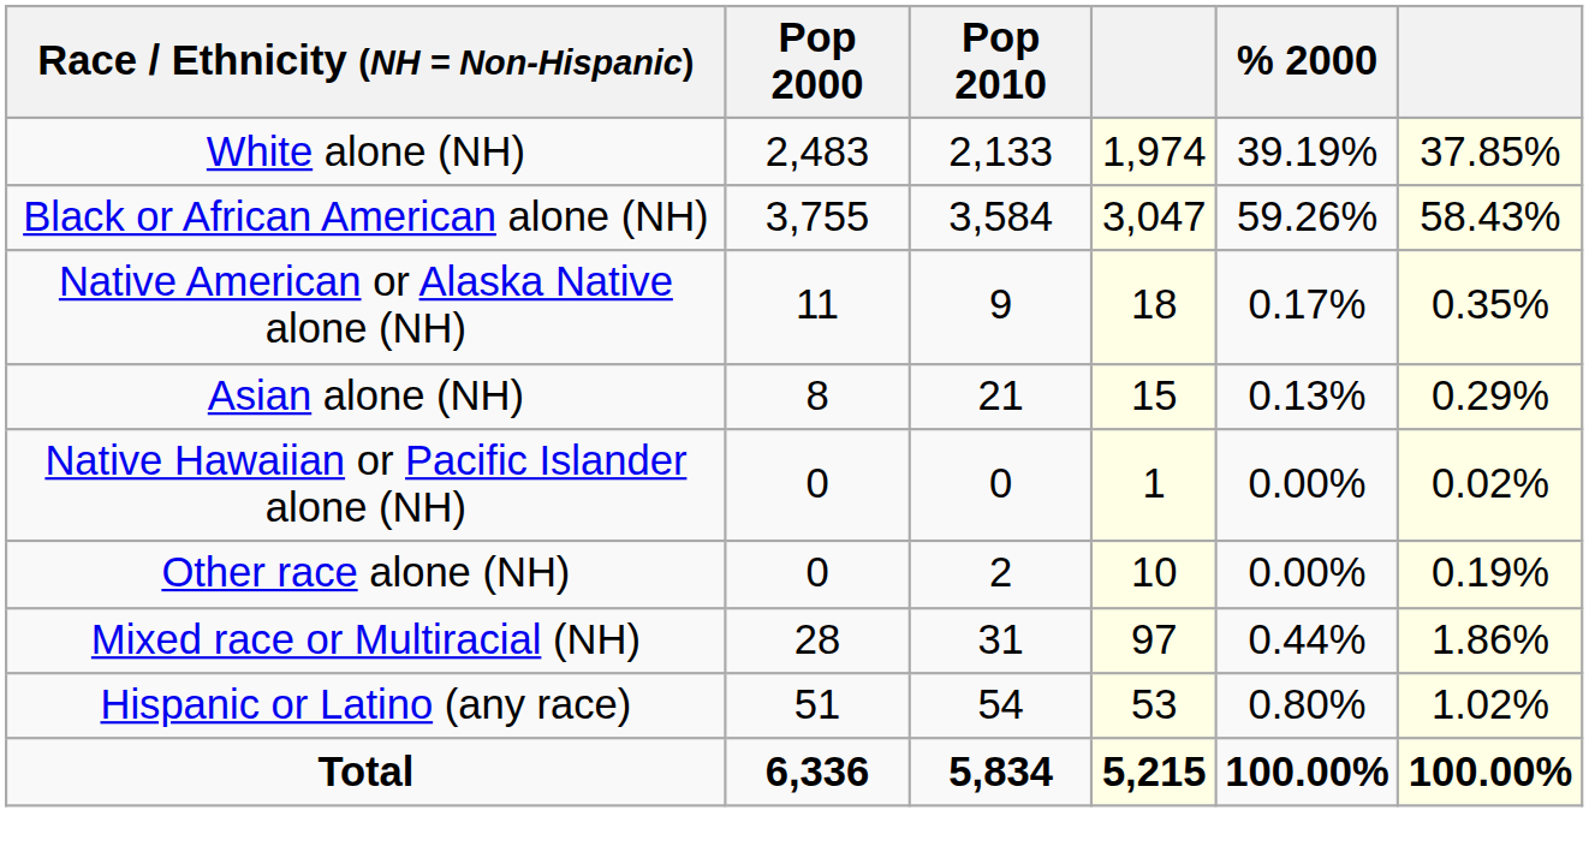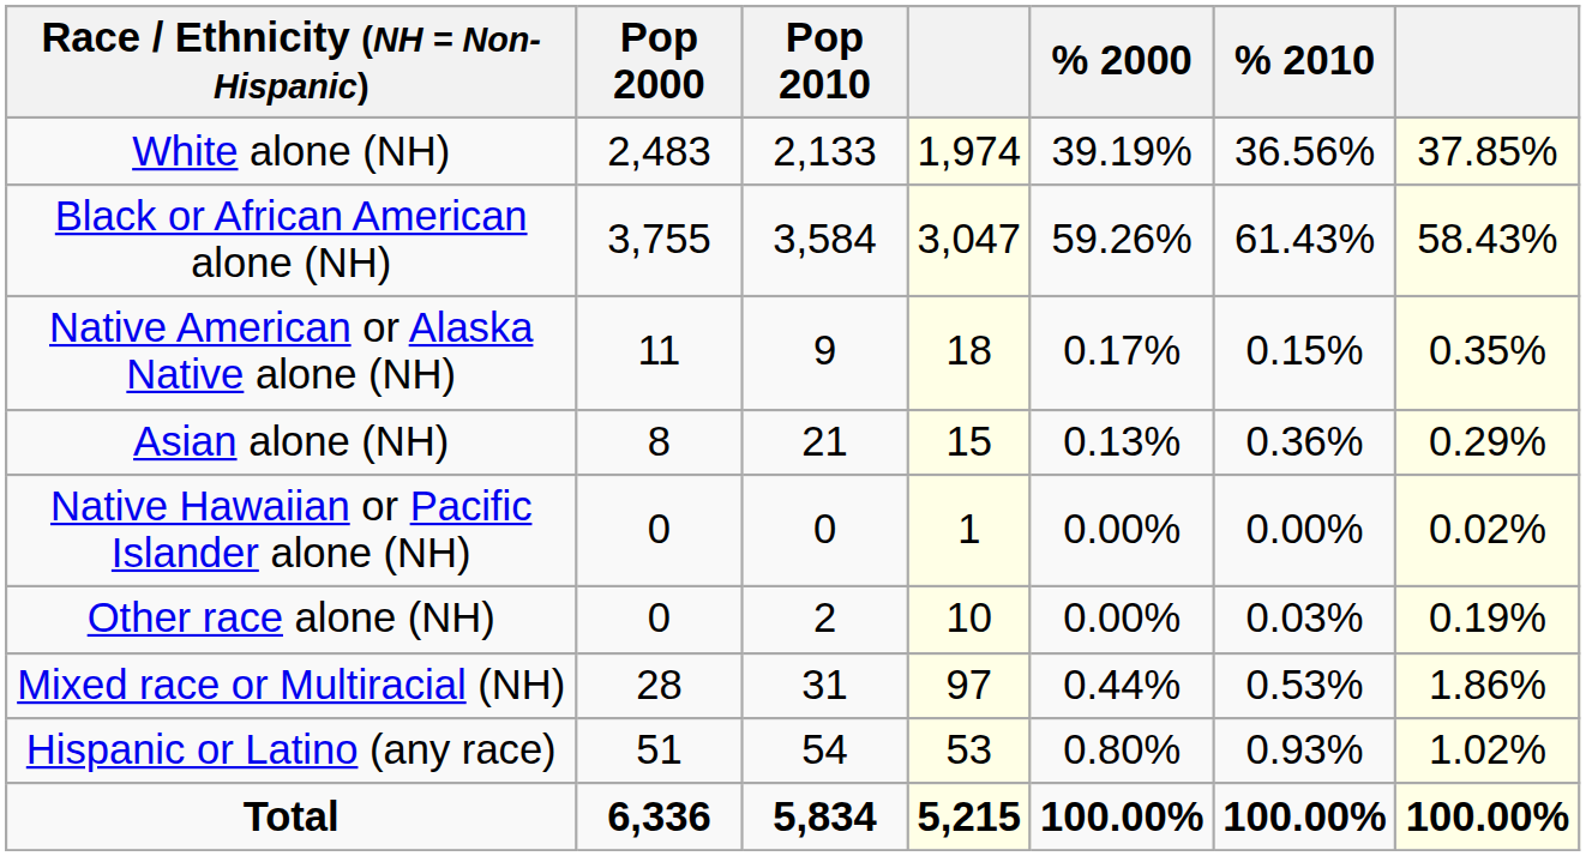 <table class="wikitable" style="text-align:center;">
 <tr>
 <th>Race / Ethnicity <small>(<em>NH = Non-Hispanic</em>)</small></th>
 <th>Pop 2000</th>
 <th>Pop 2010</th>
 <th></th>
 <th>% 2000</th>
+<th>% 2010</th>
 <th></th>
 </tr>
 <tr>
 <td><a href='#'>White</a> alone (NH)</td>
 <td>2,483</td>
 <td>2,133</td>
 <td style='background: #ffffe6;'>1,974</td>
 <td>39.19%</td>
+<td>36.56%</td>
 <td style='background: #ffffe6;'>37.85%</td>
 </tr>
 <tr>
 <td><a href='#'>Black or African American</a> alone (NH)</td>
 <td>3,755</td>
 <td>3,584</td>
 <td style='background: #ffffe6;'>3,047</td>
 <td>59.26%</td>
+<td>61.43%</td>
 <td style='background: #ffffe6;'>58.43%</td>
 </tr>
 <tr>
 <td><a href='#'>Native American</a> or <a href='#'>Alaska Native</a> alone (NH)</td>
 <td>11</td>
 <td>9</td>
 <td style='background: #ffffe6;'>18</td>
 <td>0.17%</td>
+<td>0.15%</td>
 <td style='background: #ffffe6;'>0.35%</td>
 </tr>
 <tr>
 <td><a href='#'>Asian</a> alone (NH)</td>
 <td>8</td>
 <td>21</td>
 <td style='background: #ffffe6;'>15</td>
 <td>0.13%</td>
+<td>0.36%</td>
 <td style='background: #ffffe6;'>0.29%</td>
 </tr>
 <tr>
 <td><a href='#'>Native Hawaiian</a> or <a href='#'>Pacific Islander</a> alone (NH)</td>
 <td>0</td>
 <td>0</td>
 <td style='background: #ffffe6;'>1</td>
+<td>0.00%</td>
 <td>0.00%</td>
 <td style='background: #ffffe6;'>0.02%</td>
 </tr>
 <tr>
 <td><a href='#'>Other race</a> alone (NH)</td>
 <td>0</td>
 <td>2</td>
 <td style='background: #ffffe6;'>10</td>
 <td>0.00%</td>
+<td>0.03%</td>
 <td style='background: #ffffe6;'>0.19%</td>
 </tr>
 <tr>
 <td><a href='#'>Mixed race or Multiracial</a> (NH)</td>
 <td>28</td>
 <td>31</td>
 <td style='background: #ffffe6;'>97</td>
 <td>0.44%</td>
+<td>0.53%</td>
 <td style='background: #ffffe6;'>1.86%</td>
 </tr>
 <tr>
 <td><a href='#'>Hispanic or Latino</a> (any race)</td>
 <td>51</td>
 <td>54</td>
 <td style='background: #ffffe6;'>53</td>
 <td>0.80%</td>
+<td>0.93%</td>
 <td style='background: #ffffe6;'>1.02%</td>
 </tr>
 <tr>
 <td><strong>Total</strong></td>
 <td><strong>6,336</strong></td>
 <td><strong>5,834</strong></td>
 <td style='background: #ffffe6;'><strong>5,215</strong></td>
 <td><strong>100.00%</strong></td>
+<td><strong>100.00%</strong></td>
 <td style='background: #ffffe6;'><strong>100.00%</strong></td>
 </tr>
 </table>
